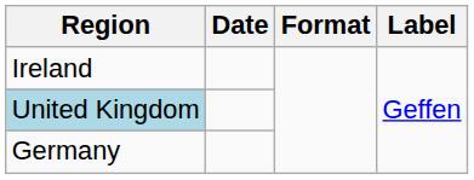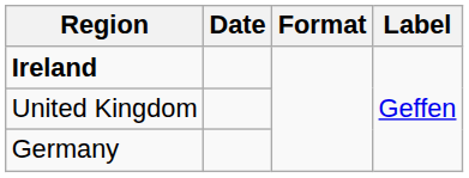 <table class="wikitable">
 <tr>
 <th>Region</th>
 <th>Date</th>
 <th>Format</th>
 <th>Label</th>
 </tr>
 <tr>
-<td>Ireland</td>
+<td><strong>Ireland</strong></td>
 <td></td>
 <td rowspan="3"></td>
 <td rowspan="3"><a href='#'>Geffen</a></td>
 </tr>
 <tr>
-<td style="background: lightblue;">United Kingdom</td>
+<td>United Kingdom</td>
 <td></td>
 </tr>
 <tr>
 <td>Germany</td>
 <td></td>
 </tr>
 </table>
